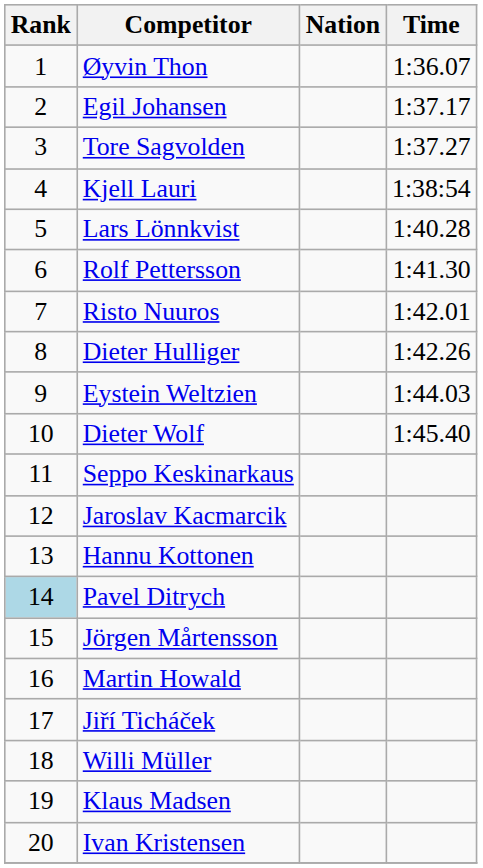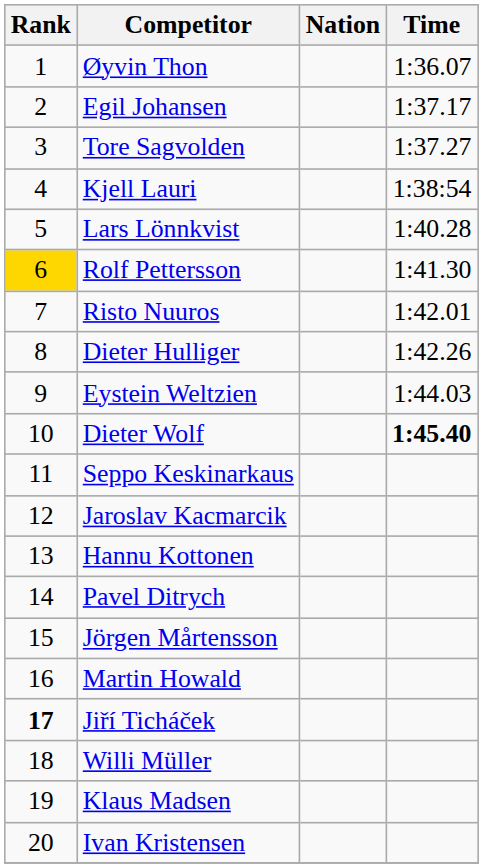 <table class="wikitable sortable" style="text-align:left">
 <tr>
 <th data-sort-type="number">Rank</th>
 <th class="unsortable">Competitor</th>
 <th>Nation</th>
 <th>Time</th>
 </tr>
 <tr>
 <td style="text-align:center">1</td>
 <td><a href='#'>Øyvin Thon</a></td>
 <td></td>
 <td style="text-align:right">1:36.07</td>
 </tr>
 <tr>
 <td style="text-align:center">2</td>
 <td><a href='#'>Egil Johansen</a></td>
 <td></td>
 <td style="text-align:right">1:37.17</td>
 </tr>
 <tr>
 <td style="text-align:center">3</td>
 <td><a href='#'>Tore Sagvolden</a></td>
 <td></td>
 <td style="text-align:right">1:37.27</td>
 </tr>
 <tr>
 <td style="text-align:center">4</td>
 <td><a href='#'>Kjell Lauri</a></td>
 <td></td>
 <td style="text-align:right">1:38:54</td>
 </tr>
 <tr>
 <td style="text-align:center">5</td>
 <td><a href='#'>Lars Lönnkvist</a></td>
 <td></td>
 <td style="text-align:right">1:40.28</td>
 </tr>
 <tr>
-<td style="text-align:center">6</td>
+<td style="background: gold; text-align:center">6</td>
 <td><a href='#'>Rolf Pettersson</a></td>
 <td></td>
 <td style="text-align:right">1:41.30</td>
 </tr>
 <tr>
 <td style="text-align:center">7</td>
 <td><a href='#'>Risto Nuuros</a></td>
 <td></td>
 <td style="text-align:right">1:42.01</td>
 </tr>
 <tr>
 <td style="text-align:center">8</td>
 <td><a href='#'>Dieter Hulliger</a></td>
 <td></td>
 <td style="text-align:right">1:42.26</td>
 </tr>
 <tr>
 <td style="text-align:center">9</td>
 <td><a href='#'>Eystein Weltzien</a></td>
 <td></td>
 <td style="text-align:right">1:44.03</td>
 </tr>
 <tr>
 <td style="text-align:center">10</td>
 <td><a href='#'>Dieter Wolf</a></td>
 <td></td>
-<td style="text-align:right">1:45.40</td>
+<td style="text-align:right"><strong>1:45.40</strong></td>
 </tr>
 <tr>
 <td style="text-align:center">11</td>
 <td><a href='#'>Seppo Keskinarkaus</a></td>
 <td></td>
 <td style="text-align:right"></td>
 </tr>
 <tr>
 <td style="text-align:center">12</td>
 <td><a href='#'>Jaroslav Kacmarcik</a></td>
 <td></td>
 <td style="text-align:right"></td>
 </tr>
 <tr>
 <td style="text-align:center">13</td>
 <td><a href='#'>Hannu Kottonen</a></td>
 <td></td>
 <td style="text-align:right"></td>
 </tr>
 <tr>
-<td style="background: lightblue; text-align:center">14</td>
+<td style="text-align:center">14</td>
 <td><a href='#'>Pavel Ditrych</a></td>
 <td></td>
 <td style="text-align:right"></td>
 </tr>
 <tr>
 <td style="text-align:center">15</td>
 <td><a href='#'>Jörgen Mårtensson</a></td>
 <td></td>
 <td style="text-align:right"></td>
 </tr>
 <tr>
 <td style="text-align:center">16</td>
 <td><a href='#'>Martin Howald</a></td>
 <td></td>
 <td style="text-align:right"></td>
 </tr>
 <tr>
-<td style="text-align:center">17</td>
+<td style="text-align:center"><strong>17</strong></td>
 <td><a href='#'>Jiří Ticháček</a></td>
 <td></td>
 <td style="text-align:right"></td>
 </tr>
 <tr>
 <td style="text-align:center">18</td>
 <td><a href='#'>Willi Müller</a></td>
 <td></td>
 <td style="text-align:right"></td>
 </tr>
 <tr>
 <td style="text-align:center">19</td>
 <td><a href='#'>Klaus Madsen</a></td>
 <td></td>
 <td style="text-align:right"></td>
 </tr>
 <tr>
 <td style="text-align:center">20</td>
 <td><a href='#'>Ivan Kristensen</a></td>
 <td></td>
 <td style="text-align:right"></td>
 </tr>
 <tr>
 </tr>
 </table>
